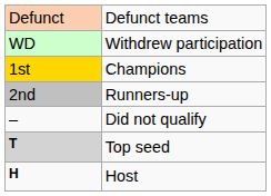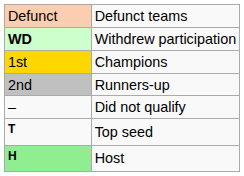 <table class="wikitable" style="font-size:90%;">
 <tr>
 <td style="background-color:#FBCEB1" width="80px">Defunct</td>
 <td colspan="6">Defunct teams</td>
 </tr>
 <tr>
-<td style="background-color:#CCFFCC" width="80px">WD</td>
+<td style="background-color:#CCFFCC" width="80px"><strong>WD</strong></td>
 <td colspan="6">Withdrew participation</td>
 </tr>
 <tr>
 <td style="background-color:gold" width="80px">1st</td>
 <td colspan="6">Champions</td>
 </tr>
 <tr>
 <td style="background-color:silver" width="80px">2nd</td>
 <td colspan="6">Runners-up</td>
 </tr>
 <tr>
 <td width="80px">–</td>
 <td colspan="6">Did not qualify</td>
 </tr>
 <tr>
-<td width="80px" style="background: lightgrey;"><sup><strong>T</strong></sup></td>
+<td width="80px"><sup><strong>T</strong></sup></td>
 <td colspan="6">Top seed</td>
 </tr>
 <tr>
-<td width="80px"><sup><strong>H</strong></sup></td>
+<td width="80px" style="background: lightgreen;"><sup><strong>H</strong></sup></td>
 <td colspan="6">Host</td>
 </tr>
 </table>
